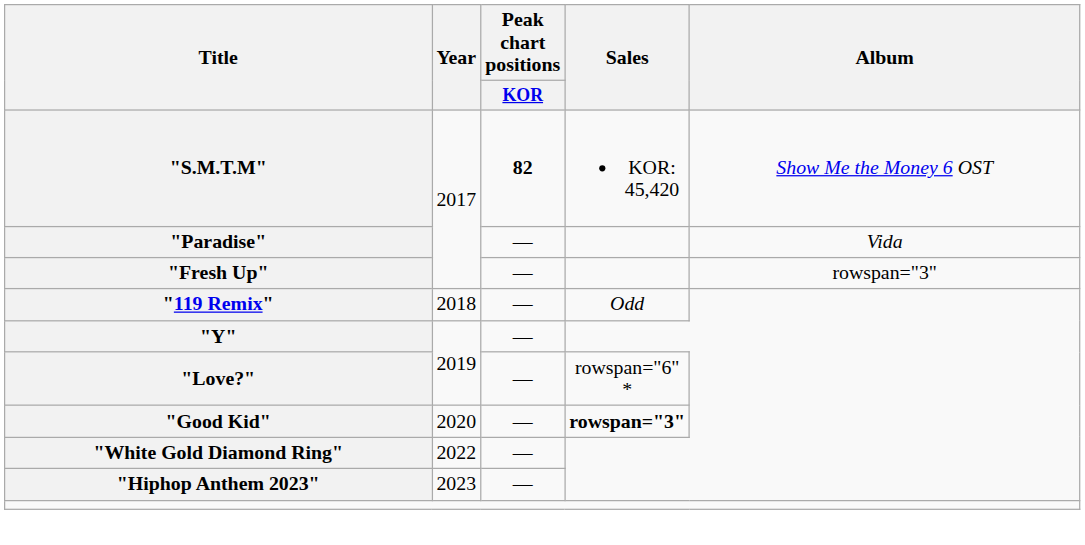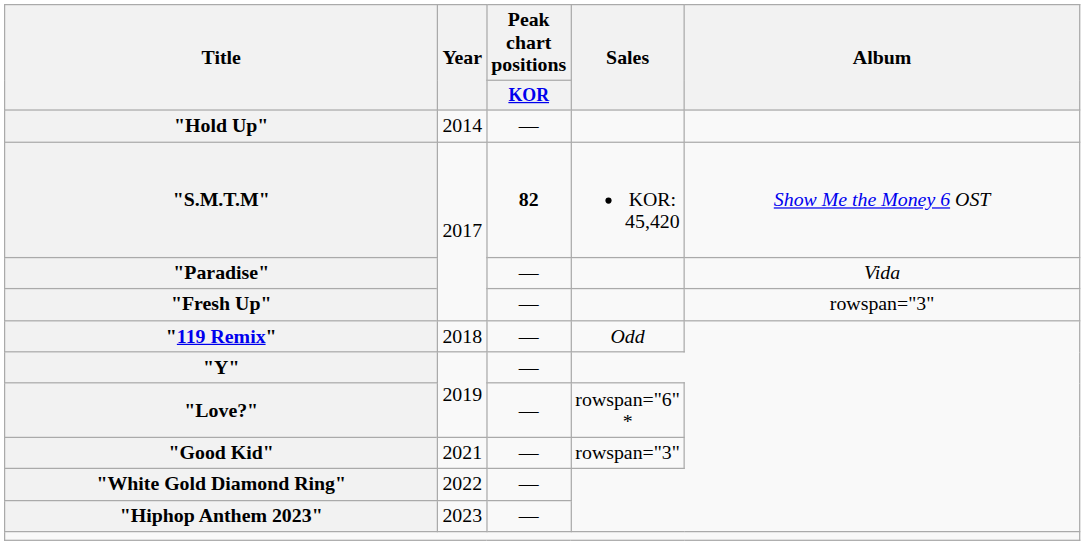 <table class="wikitable plainrowheaders" style="text-align:center;">
 <tr>
 <th scope="col" rowspan="2" style="width:22em;">Title</th>
 <th rowspan="2" scope="col">Year</th>
 <th colspan="1" scope="col">Peak chart positions</th>
 <th rowspan="2" scope="col">Sales</th>
 <th scope="col" rowspan="2" style="width:20em;">Album</th>
 </tr>
 <tr>
 <th scope="col" style="width:2.5em;font-size:90%;"><a href='#'>KOR</a><br></th>
+</tr>
+<tr>
+<th scope="row">"Hold Up" </th>
+<td>2014</td>
+<td>—</td>
+<td></td>
+<td></td>
 </tr>
 <tr>
 <th scope="row">"S.M.T.M" </th>
 <td rowspan="3">2017</td>
 <td><strong>82</strong></td>
 <td><br><ul><li>KOR: 45,420</li></ul></td>
 <td><em><a href='#'>Show Me the Money 6</a> OST</em></td>
 </tr>
 <tr>
 <th scope="row">"Paradise" </th>
 <td>—</td>
 <td></td>
 <td><em>Vida</em></td>
 </tr>
 <tr>
 <th scope="row">"Fresh Up" </th>
 <td>—</td>
 <td></td>
 <td>rowspan="3" </td>
 </tr>
 <tr>
 <th scope="row">"<a href='#'>119 Remix</a>" </th>
 <td>2018</td>
 <td>—</td>
 <td><em>Odd</em></td>
 </tr>
 <tr>
 <th scope="row">"Y" </th>
 <td rowspan="2">2019</td>
 <td>—</td>
 </tr>
 <tr>
 <th scope="row">"Love?" </th>
 <td>—</td>
 <td>rowspan="6" *</td>
 </tr>
 <tr>
 <th scope="row">"Good Kid" </th>
-<td>2020</td>
+<td>2021</td>
 <td>—</td>
-<td><strong>rowspan="3" </strong></td>
+<td>rowspan="3" </td>
 </tr>
 <tr>
 <th scope="row">"White Gold Diamond Ring" </th>
 <td>2022</td>
 <td>—</td>
 </tr>
 <tr>
 <th scope="row">"Hiphop Anthem 2023" </th>
 <td>2023</td>
 <td>—</td>
 </tr>
 <tr>
 <td colspan="5"></td>
 </tr>
 </table>
